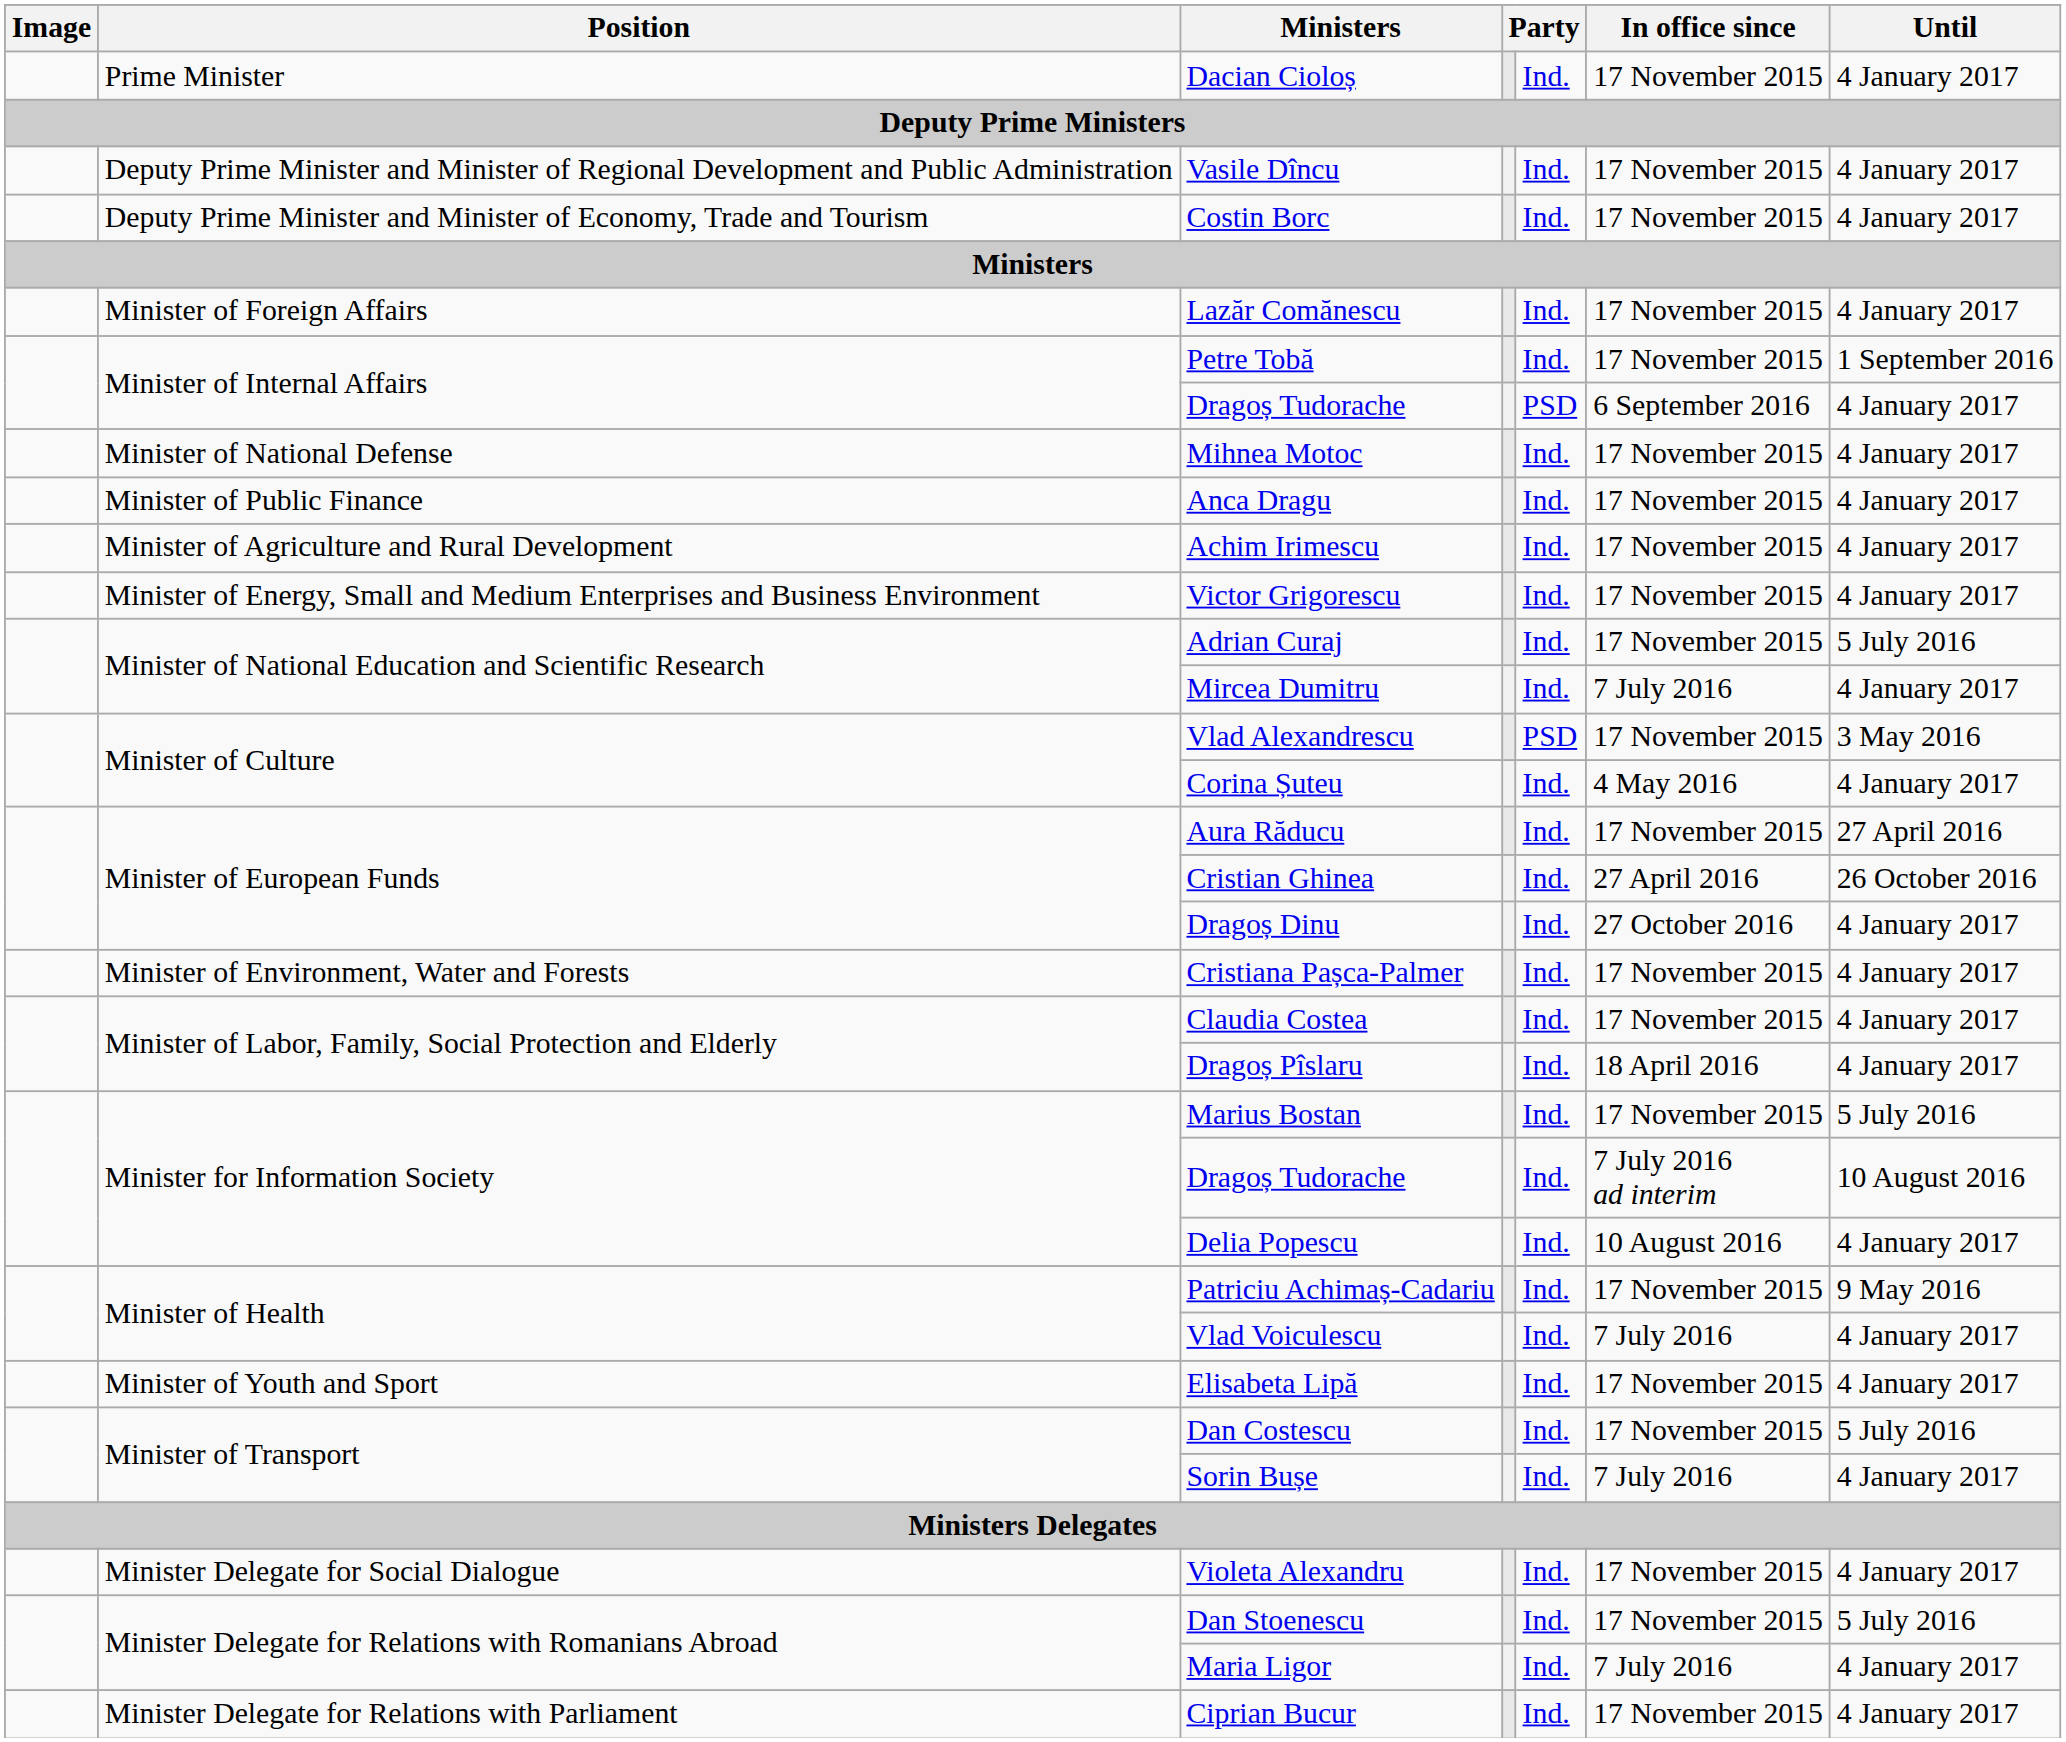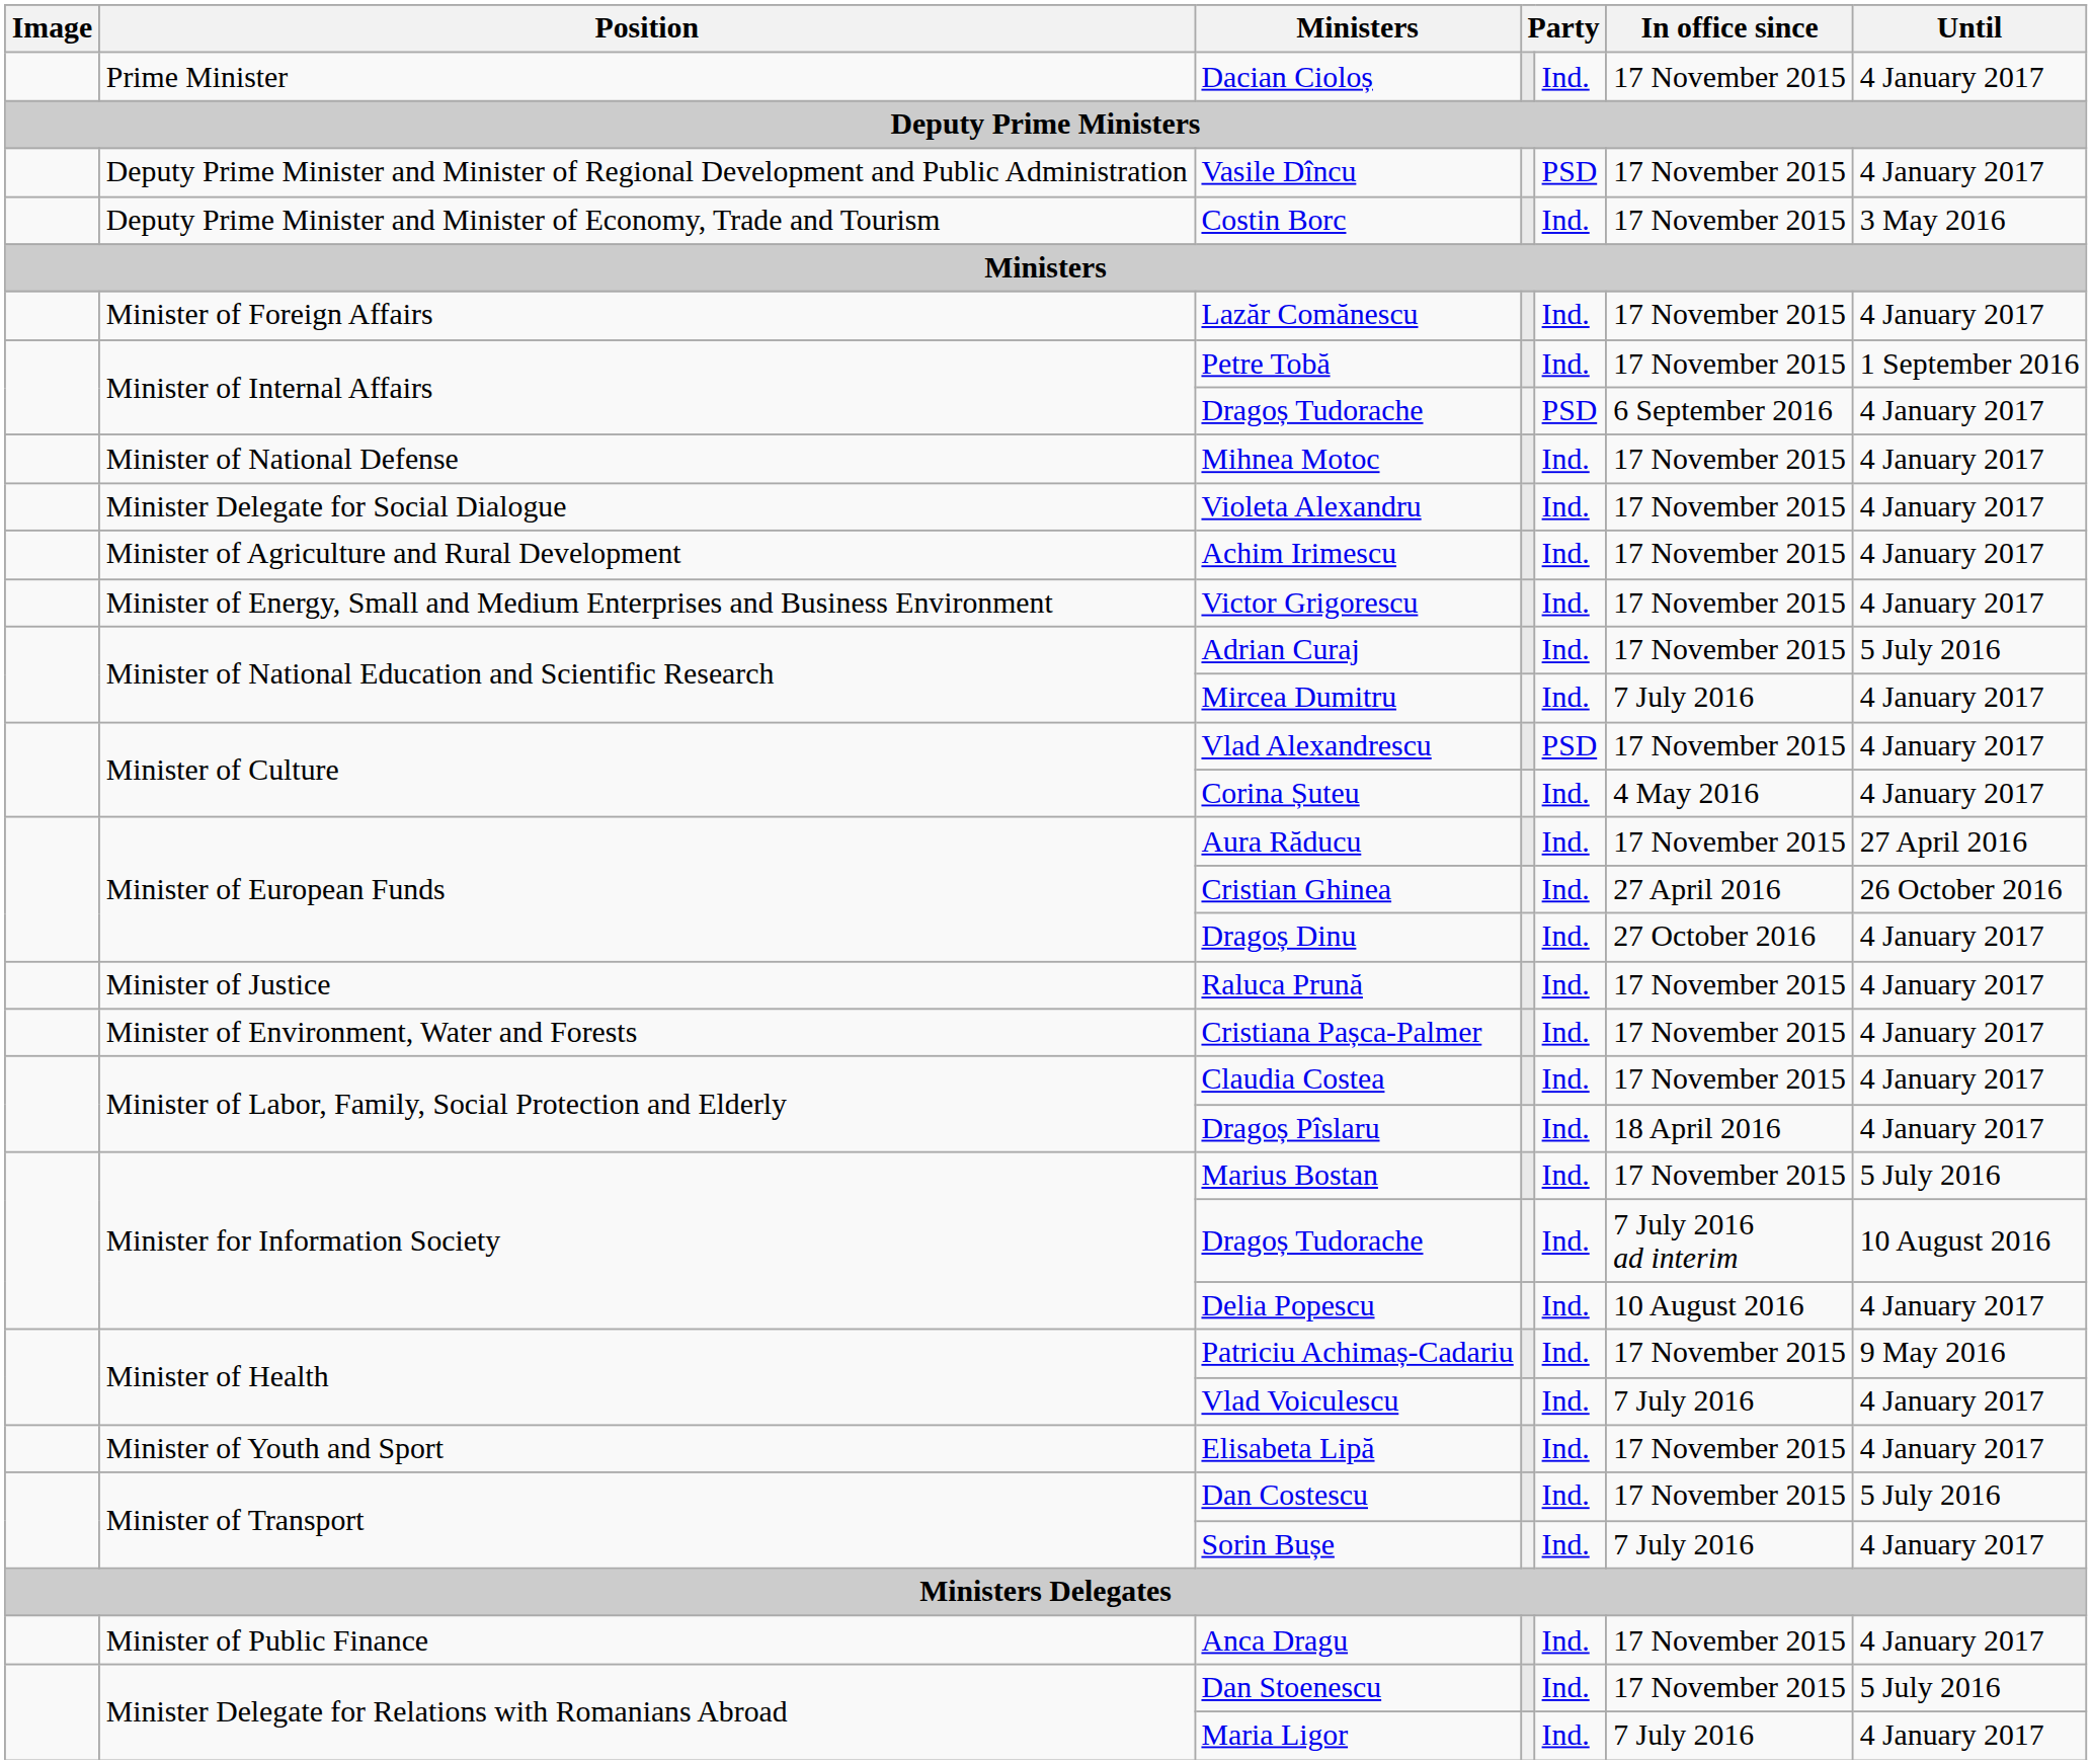 <table class="wikitable">
 <tr>
 <th>Image</th>
 <th>Position</th>
 <th>Ministers</th>
 <th colspan="2">Party</th>
 <th>In office since</th>
 <th>Until</th>
 </tr>
 <tr>
 <td></td>
 <td>Prime Minister</td>
 <td><a href='#'>Dacian Cioloș</a></td>
 <th style="background-color: #E9E9E9"></th>
 <td><a href='#'>Ind.</a></td>
 <td>17 November 2015</td>
 <td>4 January 2017</td>
 </tr>
 <tr>
 <td colspan=7 bgcolor=#CCCCCC align=center><strong>Deputy Prime Ministers</strong></td>
 </tr>
 <tr>
 <td></td>
 <td>Deputy Prime Minister and Minister of Regional Development and Public Administration</td>
 <td><a href='#'>Vasile Dîncu</a></td>
 <th style="background-color: "></th>
-<td><a href='#'>Ind.</a></td>
+<td><a href='#'>PSD</a></td>
 <td>17 November 2015</td>
 <td>4 January 2017</td>
 </tr>
 <tr>
 <td></td>
 <td>Deputy Prime Minister and Minister of Economy, Trade and Tourism</td>
 <td><a href='#'>Costin Borc</a></td>
 <th style="background-color: #E9E9E9"></th>
 <td><a href='#'>Ind.</a></td>
 <td>17 November 2015</td>
-<td>4 January 2017</td>
+<td>3 May 2016</td>
 </tr>
 <tr>
 <td colspan=7 bgcolor=#CCCCCC align=center><strong>Ministers</strong></td>
 </tr>
 <tr>
 <td></td>
 <td>Minister of Foreign Affairs</td>
 <td><a href='#'>Lazăr Comănescu</a></td>
 <th style="background-color: #E9E9E9"></th>
 <td><a href='#'>Ind.</a></td>
 <td>17 November 2015</td>
 <td>4 January 2017</td>
 </tr>
 <tr>
 <td rowspan="2"></td>
 <td rowspan="2">Minister of Internal Affairs</td>
 <td><a href='#'>Petre Tobă</a></td>
 <th style="background-color: #E9E9E9"></th>
 <td><a href='#'>Ind.</a></td>
 <td>17 November 2015</td>
 <td>1 September 2016</td>
 </tr>
 <tr>
 <td><a href='#'>Dragoș Tudorache</a></td>
 <th></th>
 <td><a href='#'>PSD</a></td>
 <td>6 September 2016</td>
 <td>4 January 2017</td>
 </tr>
 <tr>
 <td></td>
 <td>Minister of National Defense</td>
 <td><a href='#'>Mihnea Motoc</a></td>
 <th style="background-color: #E9E9E9"></th>
 <td><a href='#'>Ind.</a></td>
 <td>17 November 2015</td>
 <td>4 January 2017</td>
 </tr>
 <tr>
 <td></td>
-<td>Minister of Public Finance</td>
-<td><a href='#'>Anca Dragu</a></td>
+<td>Minister Delegate for Social Dialogue</td>
+<td><a href='#'>Violeta Alexandru</a></td>
 <th style="background-color: #E9E9E9"></th>
 <td><a href='#'>Ind.</a></td>
 <td>17 November 2015</td>
 <td>4 January 2017</td>
 </tr>
 <tr>
 <td></td>
 <td>Minister of Agriculture and Rural Development</td>
 <td><a href='#'>Achim Irimescu</a></td>
 <th style="background-color: #E9E9E9"></th>
 <td><a href='#'>Ind.</a></td>
 <td>17 November 2015</td>
 <td>4 January 2017</td>
 </tr>
 <tr>
 <td></td>
 <td>Minister of Energy, Small and Medium Enterprises and Business Environment</td>
 <td><a href='#'>Victor Grigorescu</a></td>
 <th style="background-color: #E9E9E9"></th>
 <td><a href='#'>Ind.</a></td>
 <td>17 November 2015</td>
 <td>4 January 2017</td>
 </tr>
 <tr>
 <td rowspan="2"></td>
 <td rowspan="2">Minister of National Education and Scientific Research</td>
 <td><a href='#'>Adrian Curaj</a></td>
 <th style="background-color: #E9E9E9"></th>
 <td><a href='#'>Ind.</a></td>
 <td>17 November 2015</td>
 <td>5 July 2016</td>
 </tr>
 <tr>
 <td><a href='#'>Mircea Dumitru</a></td>
 <th></th>
 <td><a href='#'>Ind.</a></td>
 <td>7 July 2016</td>
 <td>4 January 2017</td>
 </tr>
 <tr>
 <td rowspan="2"></td>
 <td rowspan="2">Minister of Culture</td>
 <td><a href='#'>Vlad Alexandrescu</a></td>
 <th style="background-color: #E9E9E9"></th>
 <td><a href='#'>PSD</a></td>
 <td>17 November 2015</td>
-<td>3 May 2016</td>
+<td>4 January 2017</td>
 </tr>
 <tr>
 <td><a href='#'>Corina Șuteu</a></td>
 <th></th>
 <td><a href='#'>Ind.</a></td>
 <td>4 May 2016</td>
 <td>4 January 2017</td>
 </tr>
 <tr>
 <td rowspan="3"></td>
 <td rowspan="3">Minister of European Funds</td>
 <td><a href='#'>Aura Răducu</a></td>
 <th style="background-color: #E9E9E9"></th>
 <td><a href='#'>Ind.</a></td>
 <td>17 November 2015</td>
 <td>27  April 2016</td>
 </tr>
 <tr>
 <td><a href='#'>Cristian Ghinea</a></td>
 <th></th>
 <td><a href='#'>Ind.</a></td>
 <td>27  April 2016</td>
 <td>26 October 2016</td>
 </tr>
 <tr>
 <td><a href='#'>Dragoș Dinu</a></td>
 <th></th>
 <td><a href='#'>Ind.</a></td>
 <td>27 October 2016</td>
+<td>4 January 2017</td>
+</tr>
+<tr>
+<td></td>
+<td>Minister of Justice</td>
+<td><a href='#'>Raluca Prună</a></td>
+<th style="background-color: #E9E9E9"></th>
+<td><a href='#'>Ind.</a></td>
+<td>17 November 2015</td>
 <td>4 January 2017</td>
 </tr>
 <tr>
 <td></td>
 <td>Minister of Environment, Water and Forests</td>
 <td><a href='#'>Cristiana Pașca-Palmer</a></td>
 <th style="background-color: #E9E9E9"></th>
 <td><a href='#'>Ind.</a></td>
 <td>17 November 2015</td>
 <td>4 January 2017</td>
 </tr>
 <tr>
 <td rowspan="2"></td>
 <td rowspan="2">Minister of Labor, Family, Social Protection and Elderly</td>
 <td><a href='#'>Claudia Costea</a></td>
 <th style="background-color: #E9E9E9"></th>
 <td><a href='#'>Ind.</a></td>
 <td>17 November 2015</td>
 <td>4 January 2017</td>
 </tr>
 <tr>
 <td><a href='#'>Dragoș Pîslaru</a></td>
 <th></th>
 <td><a href='#'>Ind.</a></td>
 <td>18 April 2016</td>
 <td>4 January 2017</td>
 </tr>
 <tr>
 <td rowspan="3"></td>
 <td rowspan="3">Minister for Information Society</td>
 <td><a href='#'>Marius Bostan</a></td>
 <th style="background-color: #E9E9E9"></th>
 <td><a href='#'>Ind.</a></td>
 <td>17 November 2015</td>
 <td>5 July 2016</td>
 </tr>
 <tr>
 <td><a href='#'>Dragoș Tudorache</a></td>
 <th></th>
 <td><a href='#'>Ind.</a></td>
 <td>7 July 2016<br><em>ad interim</em><br></td>
 <td>10 August 2016</td>
 </tr>
 <tr>
 <td><a href='#'>Delia Popescu</a></td>
 <th></th>
 <td><a href='#'>Ind.</a></td>
 <td>10 August 2016</td>
 <td>4 January 2017</td>
 </tr>
 <tr>
 <td rowspan="2"></td>
 <td rowspan="2">Minister of Health</td>
 <td><a href='#'>Patriciu Achimaș-Cadariu</a></td>
 <th style="background-color: #E9E9E9"></th>
 <td><a href='#'>Ind.</a></td>
 <td>17 November 2015</td>
 <td>9 May 2016</td>
 </tr>
 <tr>
 <td><a href='#'>Vlad Voiculescu</a></td>
 <th></th>
 <td><a href='#'>Ind.</a></td>
 <td>7 July 2016</td>
 <td>4 January 2017</td>
 </tr>
 <tr>
 <td></td>
 <td>Minister of Youth and Sport</td>
 <td><a href='#'>Elisabeta Lipă</a></td>
 <th style="background-color: #E9E9E9"></th>
 <td><a href='#'>Ind.</a></td>
 <td>17 November 2015</td>
 <td>4 January 2017</td>
 </tr>
 <tr>
 <td rowspan="2"></td>
 <td rowspan="2">Minister of Transport</td>
 <td><a href='#'>Dan Costescu</a></td>
 <th style="background-color: #E9E9E9"></th>
 <td><a href='#'>Ind.</a></td>
 <td>17 November 2015</td>
 <td>5 July 2016</td>
 </tr>
 <tr>
 <td><a href='#'>Sorin Bușe</a></td>
 <th></th>
 <td><a href='#'>Ind.</a></td>
 <td>7 July 2016</td>
 <td>4 January 2017</td>
 </tr>
 <tr>
 <td colspan=7 bgcolor=#CCCCCC align=center><strong>Ministers Delegates</strong></td>
 </tr>
 <tr>
 <td></td>
-<td>Minister Delegate for Social Dialogue</td>
-<td><a href='#'>Violeta Alexandru</a></td>
+<td>Minister of Public Finance</td>
+<td><a href='#'>Anca Dragu</a></td>
 <th style="background-color: #E9E9E9"></th>
 <td><a href='#'>Ind.</a></td>
 <td>17 November 2015</td>
 <td>4 January 2017</td>
 </tr>
 <tr>
 <td rowspan="2"></td>
 <td rowspan="2">Minister Delegate for Relations with Romanians Abroad</td>
 <td><a href='#'>Dan Stoenescu</a></td>
 <th style="background-color: #E9E9E9"></th>
 <td><a href='#'>Ind.</a></td>
 <td>17 November 2015</td>
 <td>5 July 2016</td>
 </tr>
 <tr>
 <td><a href='#'>Maria Ligor</a></td>
 <th></th>
 <td><a href='#'>Ind.</a></td>
 <td>7 July 2016</td>
 <td>4 January 2017</td>
 </tr>
-<tr>
-<td></td>
-<td>Minister Delegate for Relations with Parliament</td>
-<td><a href='#'>Ciprian Bucur</a></td>
-<th style="background-color: #E9E9E9"></th>
-<td><a href='#'>Ind.</a></td>
-<td>17 November 2015</td>
-<td>4 January 2017</td>
-</tr>
 </table>
